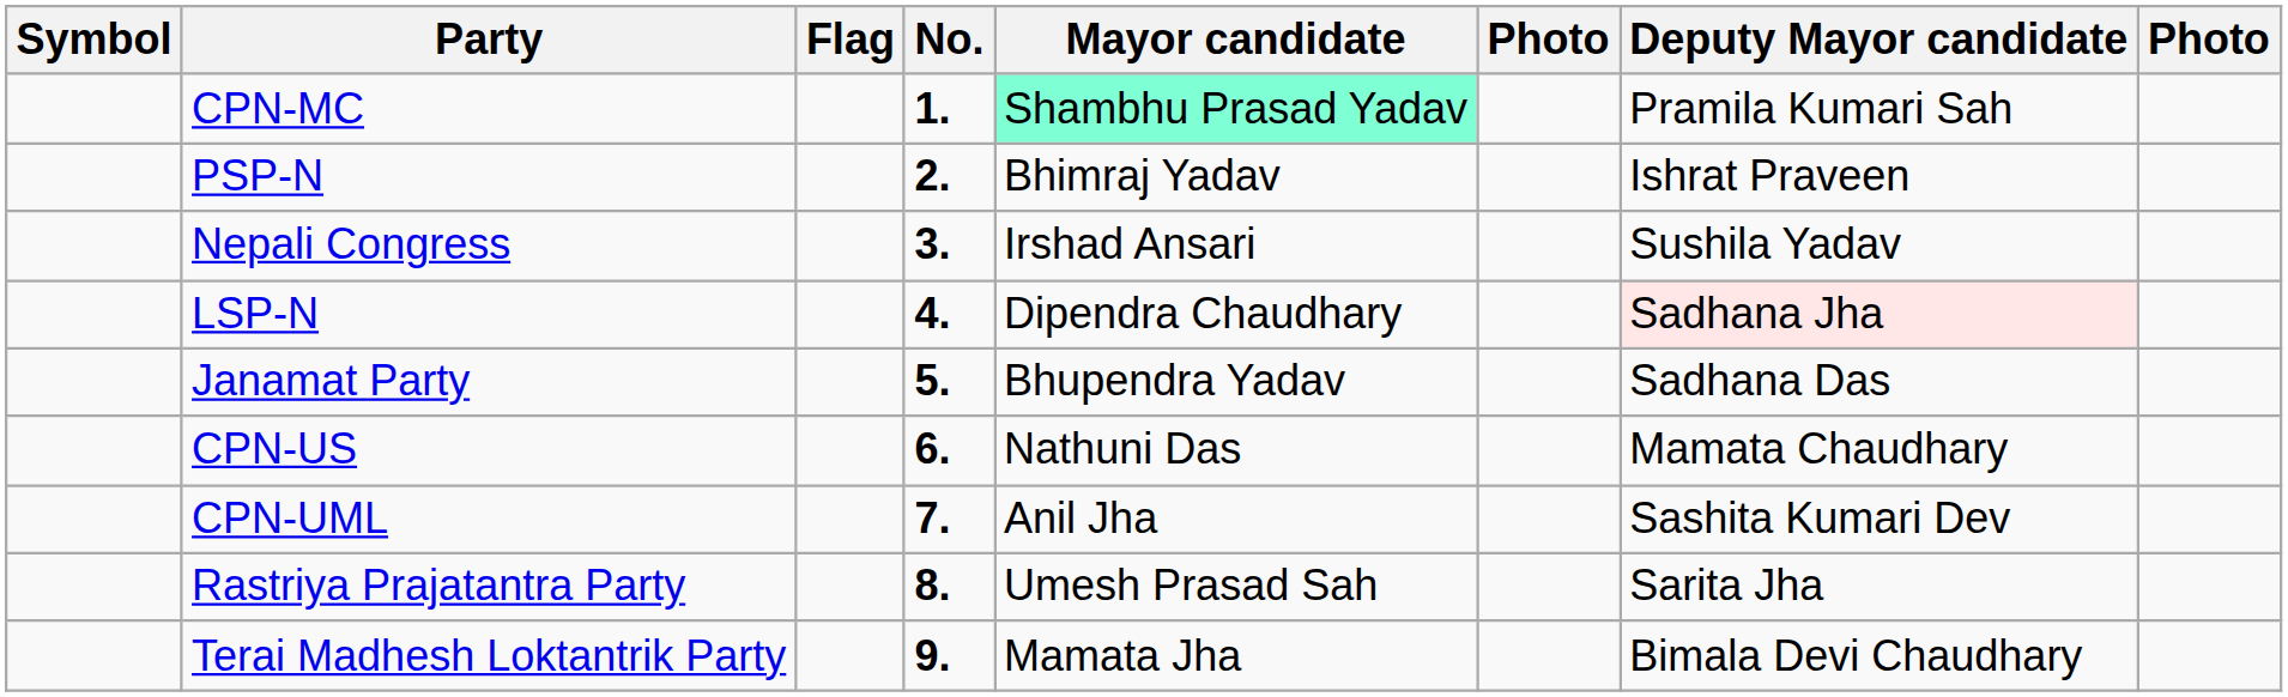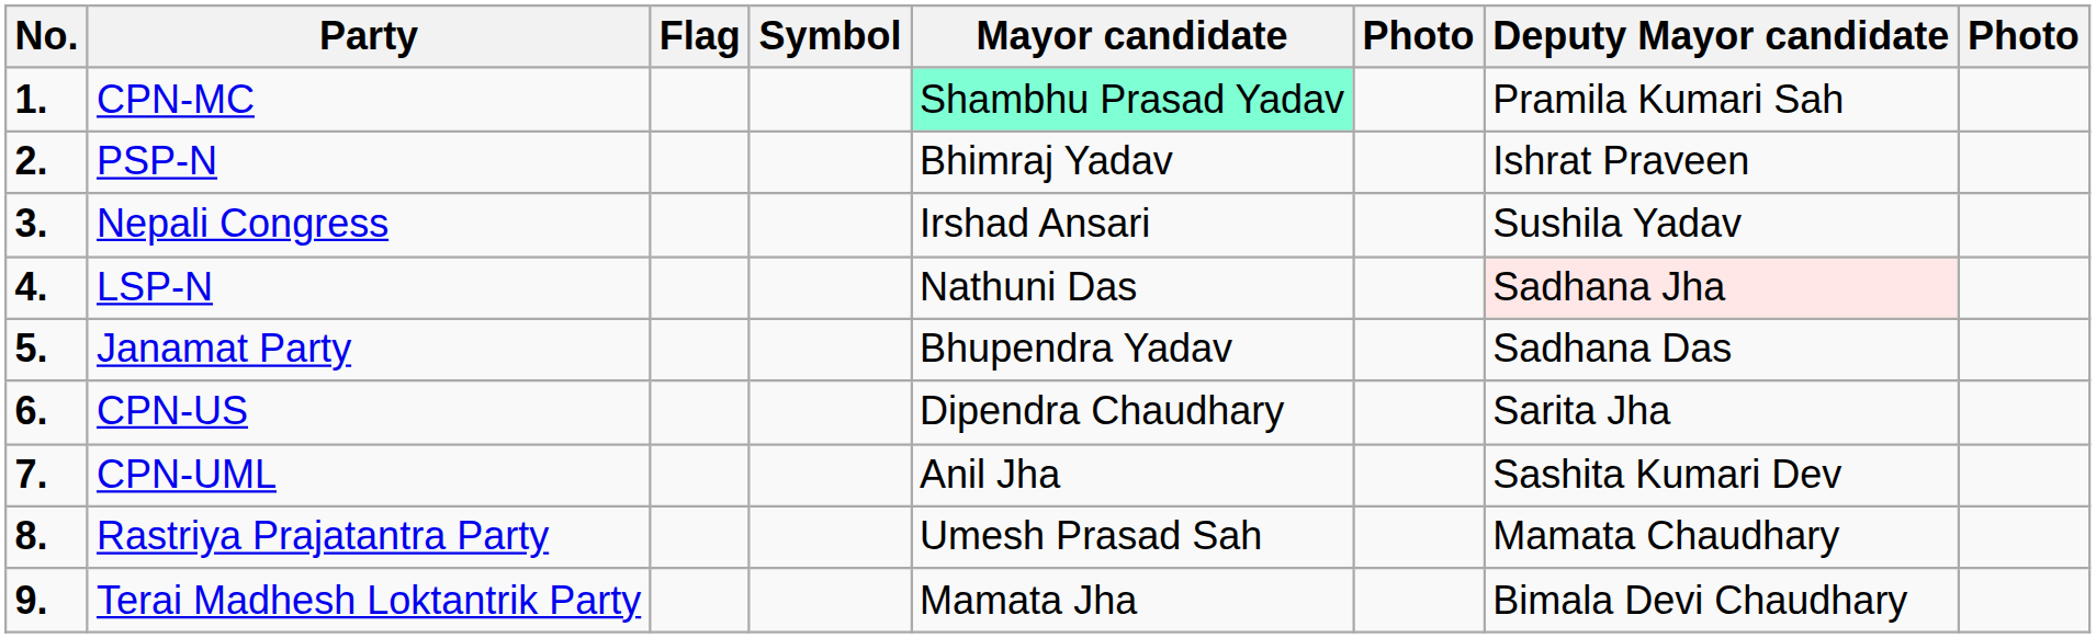 <table class="wikitable">
 <tr>
-<th>Symbol</th>
+<th>No.</th>
 <th>Party</th>
 <th>Flag</th>
-<th>No.</th>
+<th>Symbol</th>
 <th>Mayor candidate</th>
 <th>Photo</th>
 <th>Deputy Mayor candidate</th>
 <th>Photo</th>
 </tr>
 <tr>
-<td></td>
+<td style="background-color:"><strong>1.</strong></td>
 <td><a href='#'>CPN-MC</a></td>
 <td></td>
-<td style="background-color:"><strong>1.</strong></td>
+<td></td>
 <td bgcolor=#7FFFD4>Shambhu Prasad Yadav</td>
 <td></td>
 <td>Pramila Kumari Sah</td>
 <td></td>
 </tr>
 <tr>
-<td></td>
+<td style="background-color:"><strong>2.</strong></td>
 <td><a href='#'>PSP-N</a></td>
 <td></td>
-<td style="background-color:"><strong>2.</strong></td>
+<td></td>
 <td>Bhimraj Yadav</td>
 <td></td>
 <td>Ishrat Praveen</td>
 <td></td>
 </tr>
 <tr>
-<td></td>
+<td style="background-color:"><strong>3.</strong></td>
 <td><a href='#'>Nepali Congress</a></td>
 <td></td>
-<td style="background-color:"><strong>3.</strong></td>
+<td></td>
 <td>Irshad Ansari</td>
 <td></td>
 <td>Sushila Yadav</td>
 <td></td>
 </tr>
 <tr>
-<td></td>
+<td style="background-color:"><strong>4.</strong></td>
 <td><a href='#'>LSP-N</a></td>
 <td></td>
-<td style="background-color:"><strong>4.</strong></td>
-<td>Dipendra Chaudhary</td>
+<td></td>
+<td>Nathuni Das</td>
 <td></td>
 <td bgcolor=#FEE7E6>Sadhana Jha</td>
 <td></td>
 </tr>
 <tr>
-<td></td>
+<td style="background-color:"><strong>5.</strong></td>
 <td><a href='#'>Janamat Party</a></td>
 <td></td>
-<td style="background-color:"><strong>5.</strong></td>
+<td></td>
 <td>Bhupendra Yadav</td>
 <td></td>
 <td>Sadhana Das</td>
 <td></td>
 </tr>
 <tr>
-<td></td>
+<td style="background-color:"><strong>6.</strong></td>
 <td><a href='#'>CPN-US</a></td>
 <td></td>
-<td style="background-color:"><strong>6.</strong></td>
-<td>Nathuni Das</td>
 <td></td>
-<td>Mamata Chaudhary</td>
+<td>Dipendra Chaudhary</td>
+<td></td>
+<td>Sarita Jha</td>
 <td></td>
 </tr>
 <tr>
-<td></td>
+<td style="background-color:"><strong>7.</strong></td>
 <td><a href='#'>CPN-UML</a></td>
 <td></td>
-<td style="background-color:"><strong>7.</strong></td>
+<td></td>
 <td>Anil Jha</td>
 <td></td>
 <td>Sashita Kumari Dev</td>
 <td></td>
 </tr>
 <tr>
-<td></td>
+<td style="background-color:"><strong>8.</strong></td>
 <td><a href='#'>Rastriya Prajatantra Party</a></td>
 <td></td>
-<td style="background-color:"><strong>8.</strong></td>
+<td></td>
 <td>Umesh Prasad Sah</td>
 <td></td>
-<td>Sarita Jha</td>
+<td>Mamata Chaudhary</td>
 <td></td>
 </tr>
 <tr>
-<td></td>
+<td style="background-color:"><strong>9.</strong></td>
 <td><a href='#'>Terai Madhesh Loktantrik Party</a></td>
 <td></td>
-<td style="background-color:"><strong>9.</strong></td>
+<td></td>
 <td>Mamata Jha</td>
 <td></td>
 <td>Bimala Devi Chaudhary</td>
 <td></td>
 </tr>
 </table>
